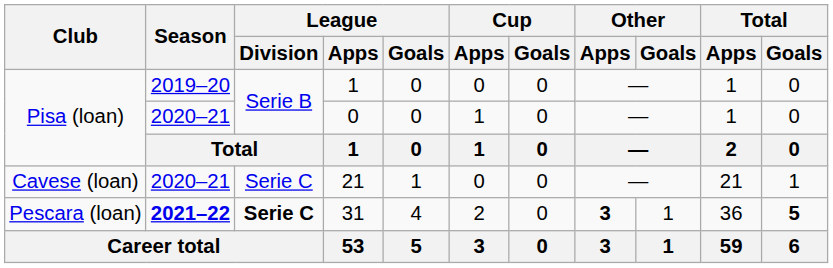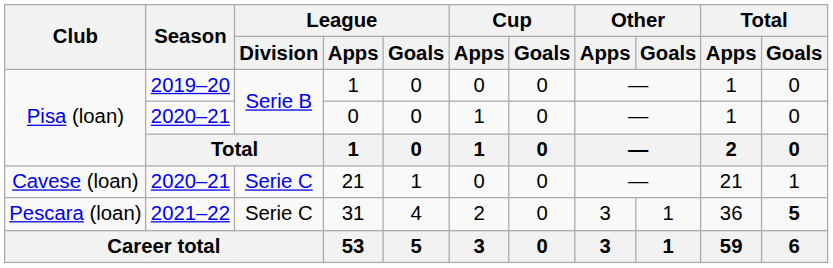 <table class="wikitable" style="text-align: center">
 <tr>
 <th rowspan="2">Club</th>
 <th rowspan="2">Season</th>
 <th colspan="3">League</th>
 <th colspan="2">Cup</th>
 <th colspan="2">Other</th>
 <th colspan="2">Total</th>
 </tr>
 <tr>
 <th>Division</th>
 <th>Apps</th>
 <th>Goals</th>
 <th>Apps</th>
 <th>Goals</th>
 <th>Apps</th>
 <th>Goals</th>
 <th>Apps</th>
 <th>Goals</th>
 </tr>
 <tr>
 <td rowspan="3"><a href='#'>Pisa</a> (loan)</td>
 <td><a href='#'>2019–20</a></td>
 <td rowspan="2"><a href='#'>Serie B</a></td>
 <td>1</td>
 <td>0</td>
 <td>0</td>
 <td>0</td>
 <td colspan="2">—</td>
 <td>1</td>
 <td>0</td>
 </tr>
 <tr>
 <td><a href='#'>2020–21</a></td>
 <td>0</td>
 <td>0</td>
 <td>1</td>
 <td>0</td>
 <td colspan="2">—</td>
 <td>1</td>
 <td>0</td>
 </tr>
 <tr>
 <th colspan="2">Total</th>
 <th>1</th>
 <th>0</th>
 <th>1</th>
 <th>0</th>
 <th colspan="2">—</th>
 <th>2</th>
 <th>0</th>
 </tr>
 <tr>
 <td><a href='#'>Cavese</a> (loan)</td>
 <td><a href='#'>2020–21</a></td>
 <td><a href='#'>Serie C</a></td>
 <td>21</td>
 <td>1</td>
 <td>0</td>
 <td>0</td>
 <td colspan="2">—</td>
 <td>21</td>
 <td>1</td>
 </tr>
 <tr>
 <td><a href='#'>Pescara</a> (loan)</td>
-<td><strong><a href='#'>2021–22</a></strong></td>
-<td><strong>Serie C</strong></td>
+<td><a href='#'>2021–22</a></td>
+<td>Serie C</td>
 <td>31</td>
 <td>4</td>
 <td>2</td>
 <td>0</td>
-<td><strong>3</strong></td>
+<td>3</td>
 <td>1</td>
 <td>36</td>
 <td><strong>5</strong></td>
 </tr>
 <tr>
 <th colspan="3">Career total</th>
 <th>53</th>
 <th>5</th>
 <th>3</th>
 <th>0</th>
 <th>3</th>
 <th>1</th>
 <th>59</th>
 <th>6</th>
 </tr>
 </table>
